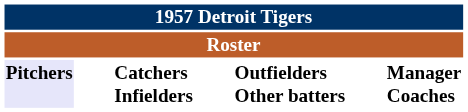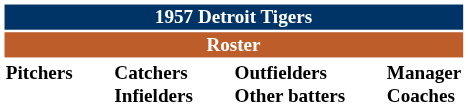 <table class="toccolours" style="font-size: 95%;">
 <tr>
 <th colspan="10" style="background-color: #003366; color: white; text-align: center;">1957 Detroit Tigers</th>
 </tr>
 <tr>
 <td colspan="10" style="background-color: #bd5d29; color: white; text-align: center;"><strong>Roster</strong></td>
 </tr>
 <tr>
-<td valign="top" style="background: lavender;"><strong>Pitchers</strong><br>                </td>
+<td valign="top"><strong>Pitchers</strong><br>                </td>
 <td width="25px"></td>
 <td valign="top"><strong>Catchers</strong><br>   <strong>Infielders</strong>            </td>
 <td width="25px"></td>
 <td valign="top"><strong>Outfielders</strong><br>          <strong>Other batters</strong> </td>
 <td width="25px"></td>
 <td valign="top"><strong>Manager</strong><br> <strong>Coaches</strong>   </td>
 </tr>
 </table>
